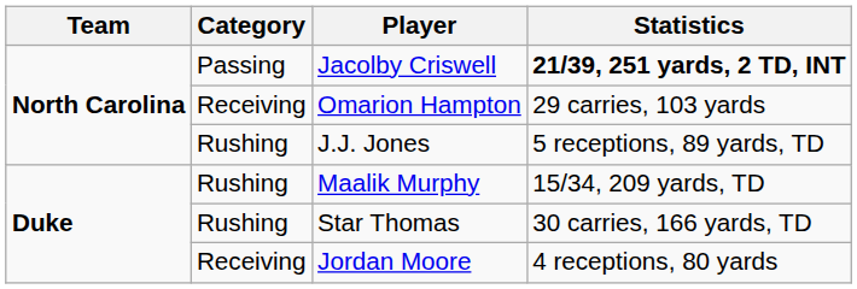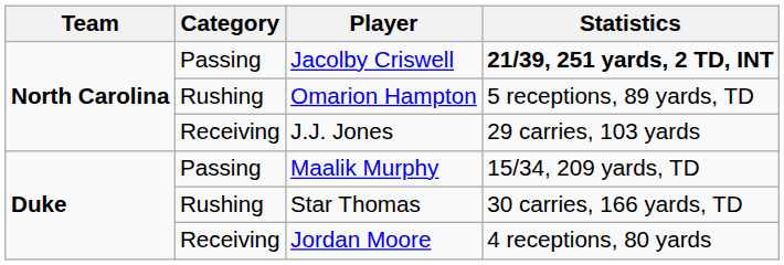 <table class="wikitable" style="float: right;">
 <tr>
 <th>Team</th>
 <th>Category</th>
 <th>Player</th>
 <th>Statistics</th>
 </tr>
 <tr>
 <td rowspan=3><strong>North Carolina</strong></td>
 <td>Passing</td>
 <td><a href='#'>Jacolby Criswell</a></td>
 <td><strong>21/39, 251 yards, 2 TD, INT</strong></td>
 </tr>
 <tr>
+<td>Rushing</td>
+<td><a href='#'>Omarion Hampton</a></td>
+<td>5 receptions, 89 yards, TD</td>
+</tr>
+<tr>
 <td>Receiving</td>
-<td><a href='#'>Omarion Hampton</a></td>
+<td>J.J. Jones</td>
 <td>29 carries, 103 yards</td>
 </tr>
 <tr>
-<td>Rushing</td>
-<td>J.J. Jones</td>
-<td>5 receptions, 89 yards, TD</td>
-</tr>
-<tr>
 <td rowspan=3><strong>Duke</strong></td>
-<td>Rushing</td>
+<td>Passing</td>
 <td><a href='#'>Maalik Murphy</a></td>
 <td>15/34, 209 yards, TD</td>
 </tr>
 <tr>
 <td>Rushing</td>
 <td>Star Thomas</td>
 <td>30 carries, 166 yards, TD</td>
 </tr>
 <tr>
 <td>Receiving</td>
 <td><a href='#'>Jordan Moore</a></td>
 <td>4 receptions, 80 yards</td>
 </tr>
 </table>
